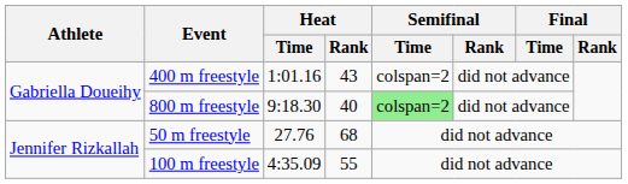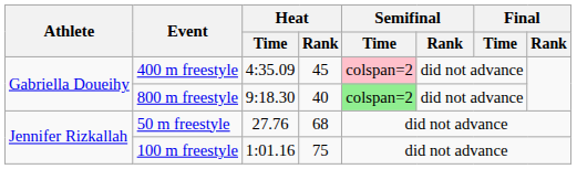 <table class=wikitable style="font-size:90%">
 <tr>
 <th rowspan="2">Athlete</th>
 <th rowspan="2">Event</th>
 <th colspan="2">Heat</th>
 <th colspan="2">Semifinal</th>
 <th colspan="2">Final</th>
 </tr>
 <tr style="font-size:95%">
 <th>Time</th>
 <th>Rank</th>
 <th>Time</th>
 <th>Rank</th>
 <th>Time</th>
 <th>Rank</th>
 </tr>
 <tr align=center>
 <td align=left rowspan=2><a href='#'>Gabriella Doueihy</a></td>
 <td align=left><a href='#'>400 m freestyle</a></td>
-<td>1:01.16</td>
-<td>43</td>
-<td>colspan=2 </td>
+<td>4:35.09</td>
+<td>45</td>
+<td style="background: pink;">colspan=2 </td>
 <td colspan=2>did not advance</td>
 </tr>
 <tr align=center>
 <td align=left><a href='#'>800 m freestyle</a></td>
 <td>9:18.30</td>
 <td>40</td>
 <td style="background: lightgreen;">colspan=2 </td>
 <td colspan=2>did not advance</td>
 </tr>
 <tr align=center>
 <td align=left rowspan=2><a href='#'>Jennifer Rizkallah</a></td>
 <td align=left><a href='#'>50 m freestyle</a></td>
 <td>27.76</td>
 <td>68</td>
 <td colspan=4>did not advance</td>
 </tr>
 <tr align=center>
 <td align=left><a href='#'>100 m freestyle</a></td>
-<td>4:35.09</td>
-<td>55</td>
+<td>1:01.16</td>
+<td>75</td>
 <td colspan=4>did not advance</td>
 </tr>
 </table>
